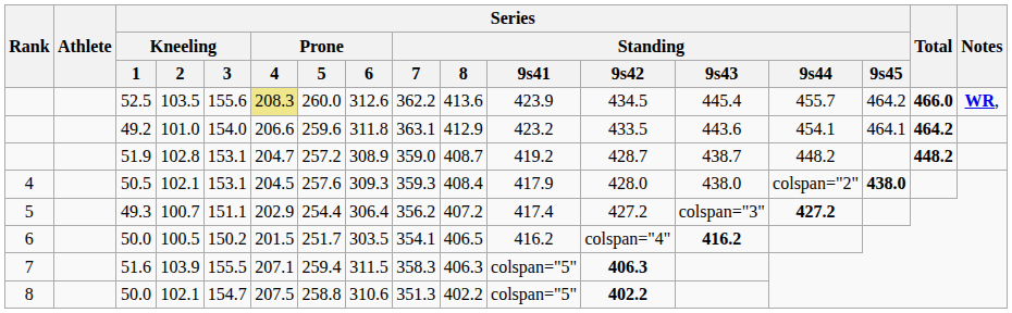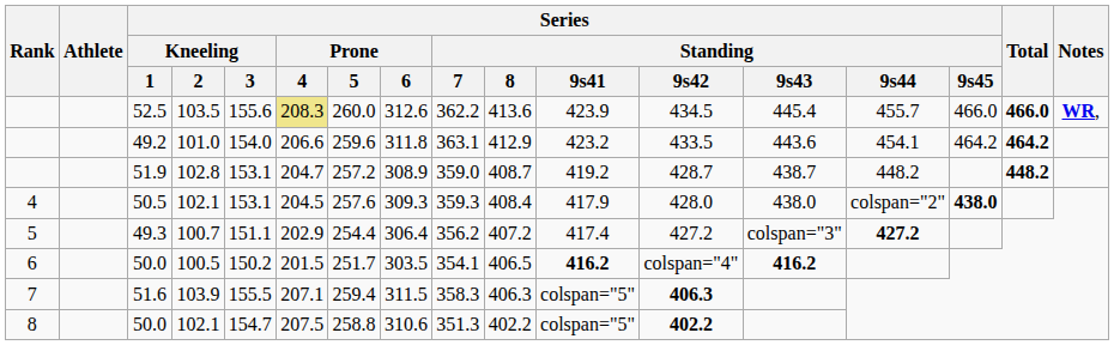 <table class="wikitable" style="text-align:center">
 <tr>
 <th rowspan=3>Rank</th>
 <th rowspan=3>Athlete</th>
 <th colspan=13>Series</th>
 <th rowspan=3>Total</th>
 <th rowspan=3>Notes</th>
 </tr>
 <tr>
 <th colspan=3>Kneeling</th>
 <th colspan=3>Prone</th>
 <th colspan=7>Standing</th>
 </tr>
 <tr>
 <th width=30>1</th>
 <th width=30>2</th>
 <th width=30>3</th>
 <th width=30>4</th>
 <th width=30>5</th>
 <th width=30>6</th>
 <th width=30>7</th>
 <th width=30>8</th>
 <th width=30>9s41</th>
 <th width=30>9s42</th>
 <th width=30>9s43</th>
 <th width=30>9s44</th>
 <th width=30>9s45</th>
 </tr>
 <tr>
 <td></td>
 <td align=left></td>
 <td>52.5</td>
 <td>103.5</td>
 <td>155.6</td>
 <td style="background: khaki;">208.3</td>
 <td>260.0</td>
 <td>312.6</td>
 <td>362.2</td>
 <td>413.6</td>
 <td>423.9</td>
 <td>434.5</td>
 <td>445.4</td>
 <td>455.7</td>
-<td>464.2</td>
+<td>466.0</td>
 <td><strong>466.0</strong></td>
 <td><strong><a href='#'>WR</a></strong>, </td>
 </tr>
 <tr>
 <td></td>
 <td align=left></td>
 <td>49.2</td>
 <td>101.0</td>
 <td>154.0</td>
 <td>206.6</td>
 <td>259.6</td>
 <td>311.8</td>
 <td>363.1</td>
 <td>412.9</td>
 <td>423.2</td>
 <td>433.5</td>
 <td>443.6</td>
 <td>454.1</td>
-<td>464.1</td>
+<td>464.2</td>
 <td><strong>464.2</strong></td>
 <td></td>
 </tr>
 <tr>
 <td></td>
 <td align=left></td>
 <td>51.9</td>
 <td>102.8</td>
 <td>153.1</td>
 <td>204.7</td>
 <td>257.2</td>
 <td>308.9</td>
 <td>359.0</td>
 <td>408.7</td>
 <td>419.2</td>
 <td>428.7</td>
 <td>438.7</td>
 <td>448.2</td>
 <td></td>
 <td><strong>448.2</strong></td>
 <td></td>
 </tr>
 <tr>
 <td>4</td>
 <td align=left></td>
 <td>50.5</td>
 <td>102.1</td>
 <td>153.1</td>
 <td>204.5</td>
 <td>257.6</td>
 <td>309.3</td>
 <td>359.3</td>
 <td>408.4</td>
 <td>417.9</td>
 <td>428.0</td>
 <td>438.0</td>
 <td>colspan="2" </td>
 <td><strong>438.0</strong></td>
 <td></td>
 </tr>
 <tr>
 <td>5</td>
 <td align=left></td>
 <td>49.3</td>
 <td>100.7</td>
 <td>151.1</td>
 <td>202.9</td>
 <td>254.4</td>
 <td>306.4</td>
 <td>356.2</td>
 <td>407.2</td>
 <td>417.4</td>
 <td>427.2</td>
 <td>colspan="3" </td>
 <td><strong>427.2</strong></td>
 <td></td>
 </tr>
 <tr>
 <td>6</td>
 <td align=left></td>
 <td>50.0</td>
 <td>100.5</td>
 <td>150.2</td>
 <td>201.5</td>
 <td>251.7</td>
 <td>303.5</td>
 <td>354.1</td>
 <td>406.5</td>
-<td>416.2</td>
+<td><strong>416.2</strong></td>
 <td>colspan="4" </td>
 <td><strong>416.2</strong></td>
 <td></td>
 </tr>
 <tr>
 <td>7</td>
 <td align=left></td>
 <td>51.6</td>
 <td>103.9</td>
 <td>155.5</td>
 <td>207.1</td>
 <td>259.4</td>
 <td>311.5</td>
 <td>358.3</td>
 <td>406.3</td>
 <td>colspan="5" </td>
 <td><strong>406.3</strong></td>
 <td></td>
 </tr>
 <tr>
 <td>8</td>
 <td align=left></td>
 <td>50.0</td>
 <td>102.1</td>
 <td>154.7</td>
 <td>207.5</td>
 <td>258.8</td>
 <td>310.6</td>
 <td>351.3</td>
 <td>402.2</td>
 <td>colspan="5" </td>
 <td><strong>402.2</strong></td>
 <td></td>
 </tr>
 </table>
